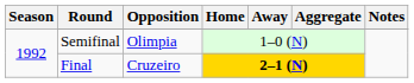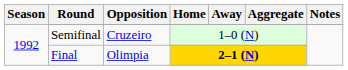 <table class="wikitable sortable ">
 <tr>
 <th align=center>Season</th>
 <th>Round</th>
 <th>Opposition</th>
 <th>Home</th>
 <th>Away</th>
 <th>Aggregate</th>
 <th>Notes</th>
 </tr>
 <tr>
 <td align=center rowspan=3><a href='#'>1992</a></td>
 </tr>
 <tr>
 <td>Semifinal</td>
-<td> <a href='#'>Olimpia</a></td>
+<td> <a href='#'>Cruzeiro</a></td>
 <td colspan="3" style="text-align:center; background:#dfd;">1–0 (<a href='#'>N</a>)</td>
 <td rowspan=2 style="text-align:center;"></td>
 </tr>
 <tr>
 <td><a href='#'>Final</a></td>
-<td> <a href='#'>Cruzeiro</a></td>
+<td> <a href='#'>Olimpia</a></td>
 <td bgcolor=gold colspan="3" style="text-align:center;"><strong>2–1 (<a href='#'>N</a>)</strong></td>
 </tr>
 </table>
